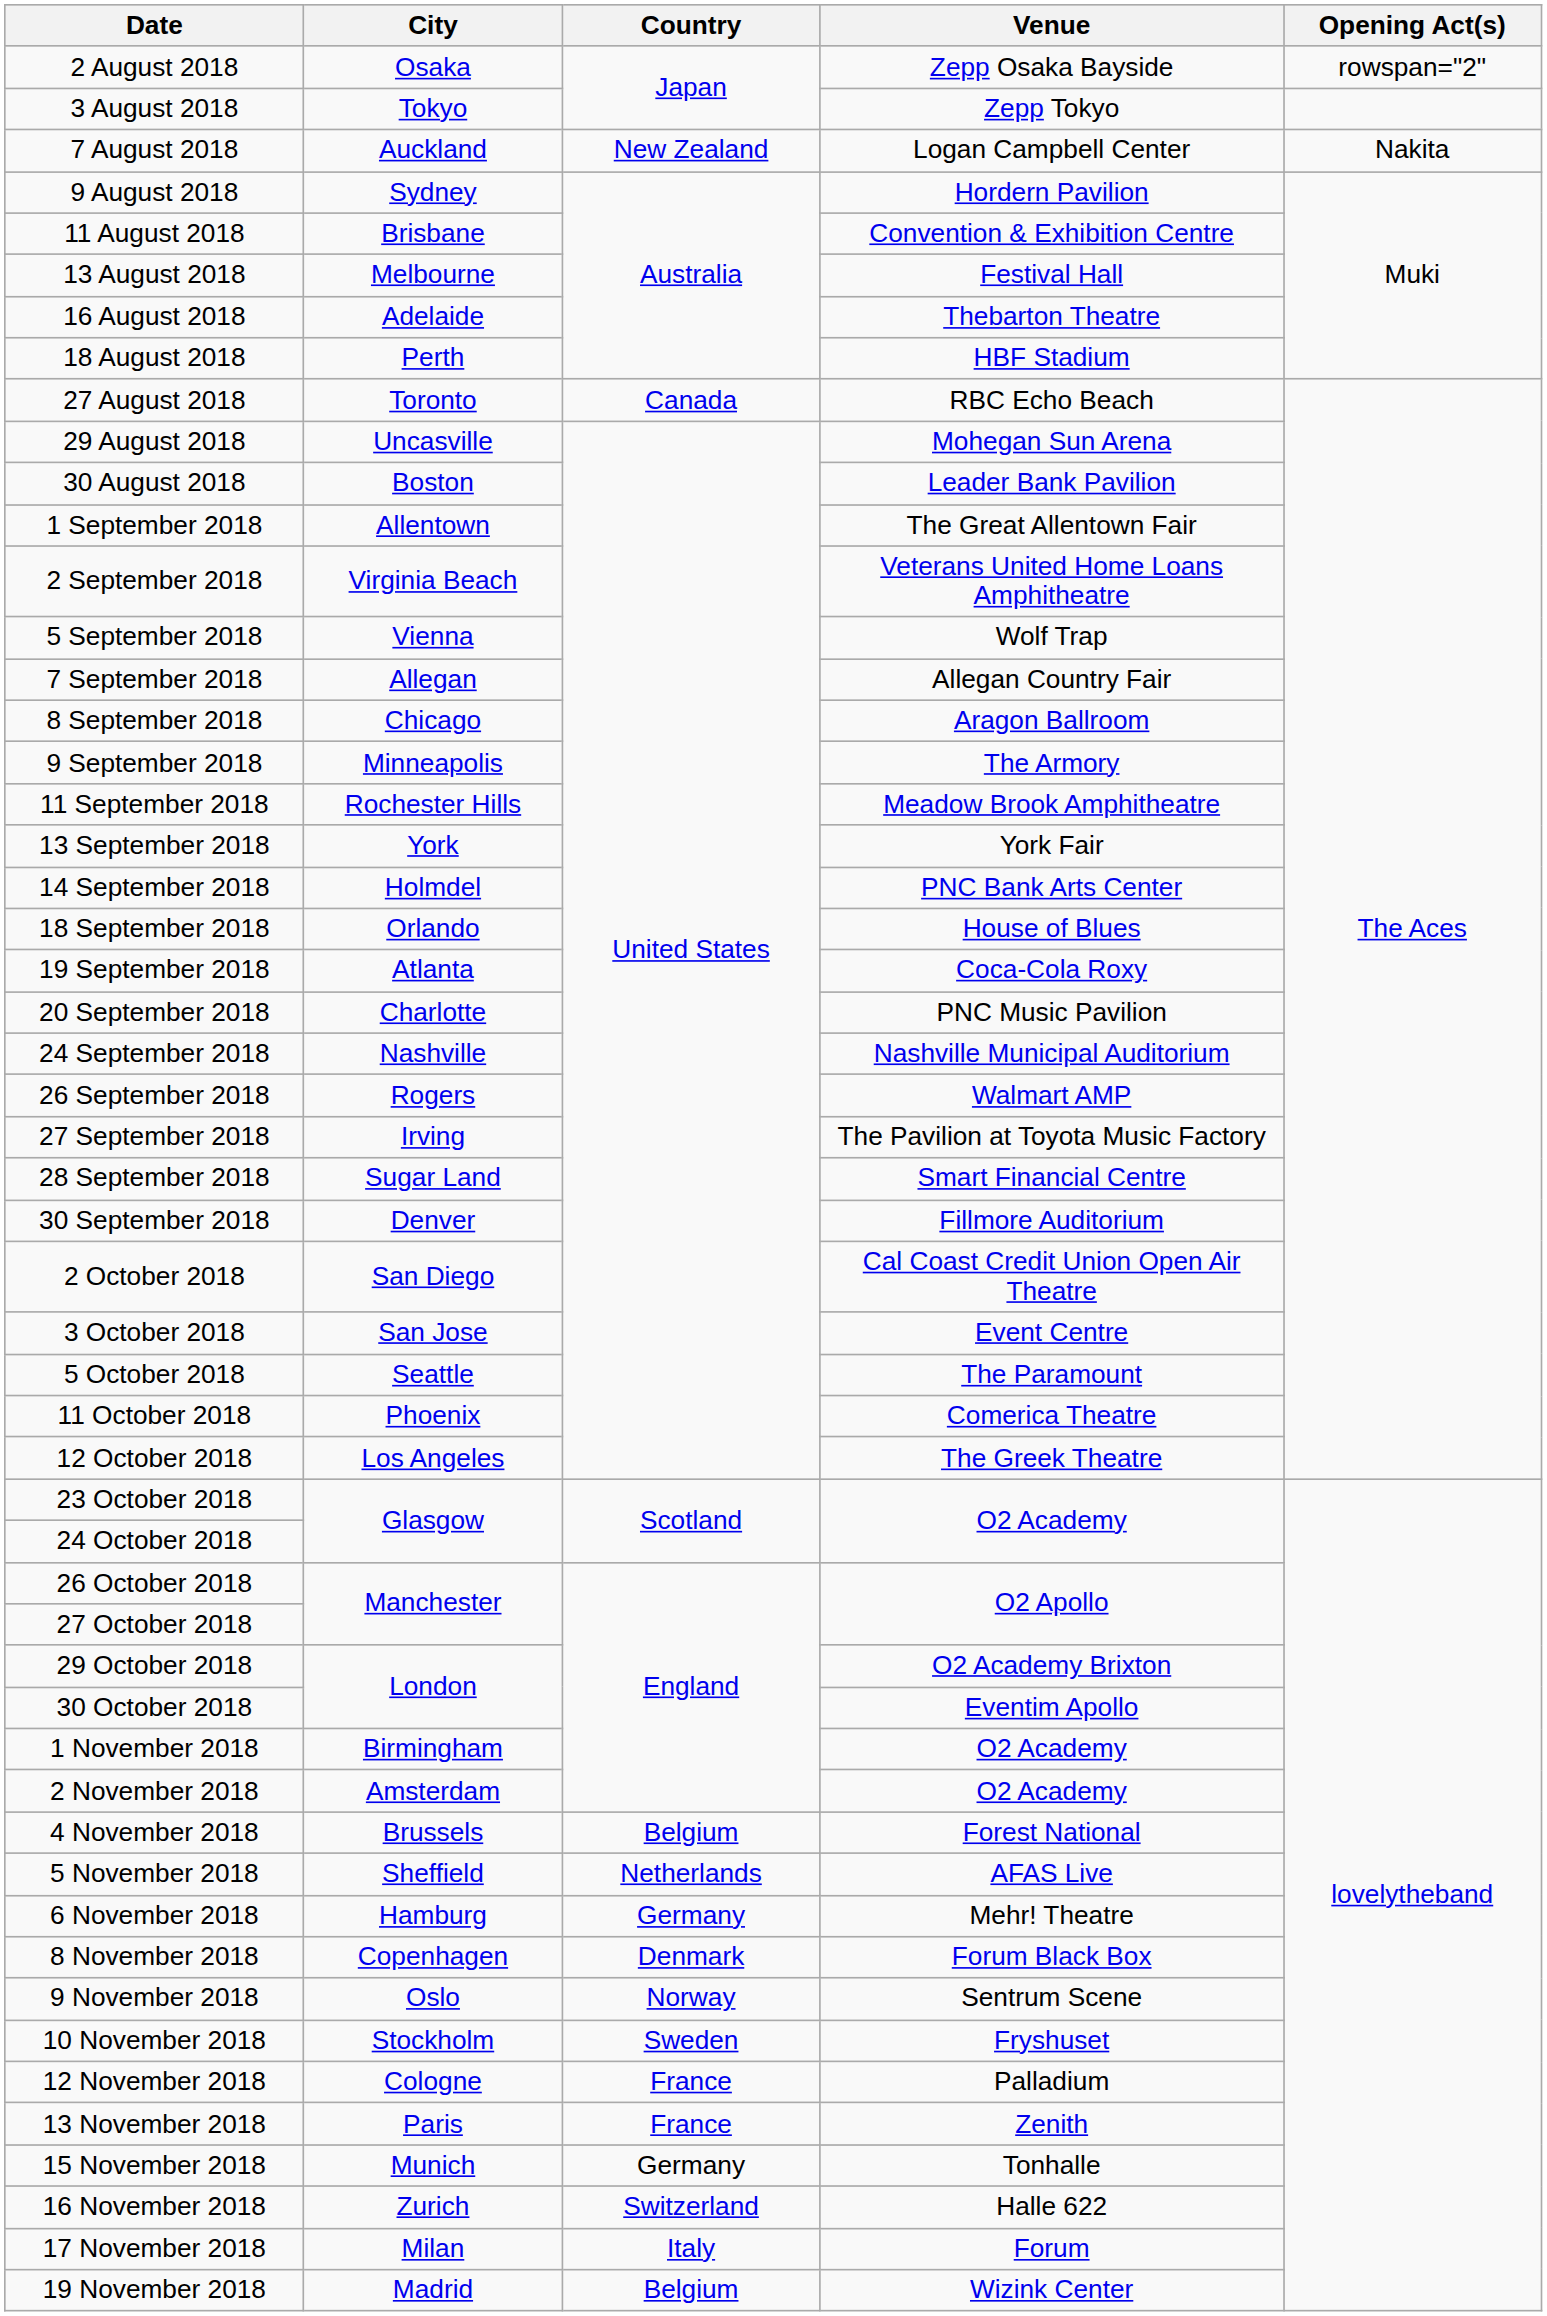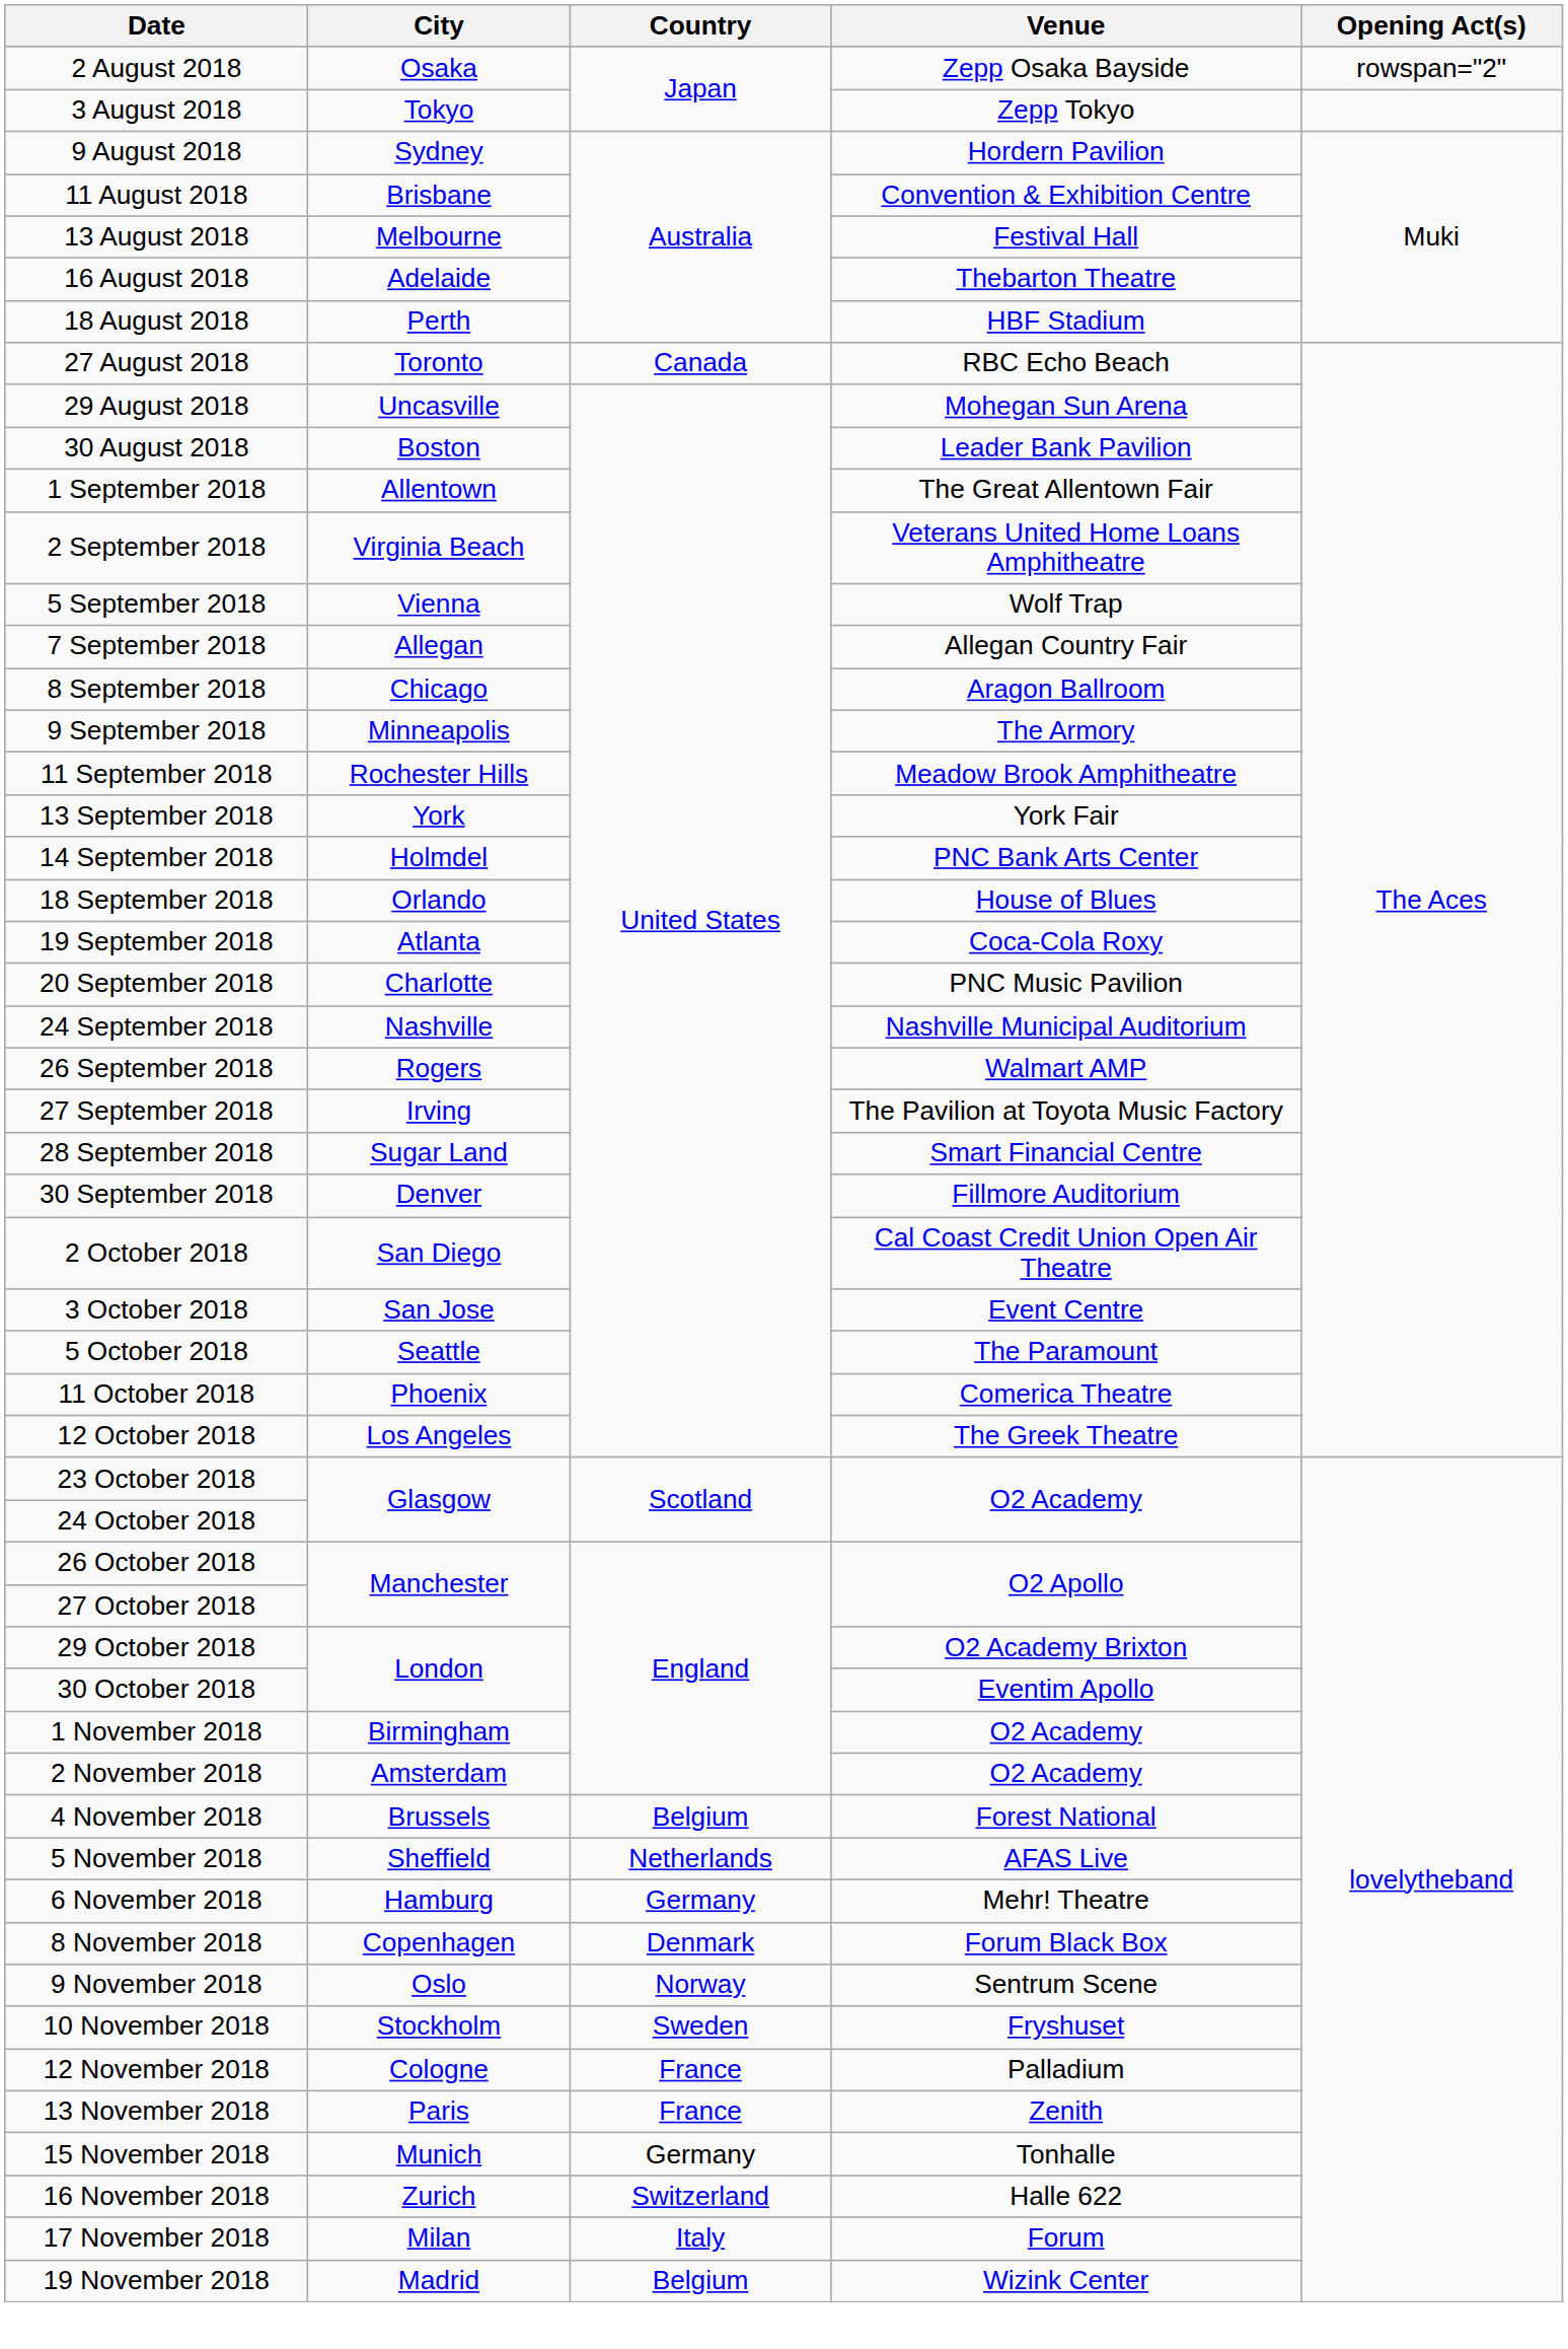 <table class="wikitable" style="text-align:center;">
 <tr>
 <th width="175">Date</th>
 <th width="150">City</th>
 <th width="150">Country</th>
 <th width="275">Venue</th>
 <th width="150">Opening Act(s)</th>
 </tr>
 <tr>
 <td>2 August 2018</td>
 <td><a href='#'>Osaka</a></td>
 <td rowspan="2"><a href='#'>Japan</a></td>
 <td><a href='#'>Zepp</a> Osaka Bayside</td>
 <td>rowspan="2" </td>
 </tr>
 <tr>
 <td>3 August 2018</td>
 <td><a href='#'>Tokyo</a></td>
 <td><a href='#'>Zepp</a> Tokyo</td>
-</tr>
-<tr>
-<td>7 August 2018</td>
-<td><a href='#'>Auckland</a></td>
-<td><a href='#'>New Zealand</a></td>
-<td>Logan Campbell Center</td>
-<td>Nakita</td>
 </tr>
 <tr>
 <td>9 August 2018</td>
 <td><a href='#'>Sydney</a></td>
 <td rowspan="5"><a href='#'>Australia</a></td>
 <td><a href='#'>Hordern Pavilion</a></td>
 <td rowspan="5">Muki</td>
 </tr>
 <tr>
 <td>11 August 2018</td>
 <td><a href='#'>Brisbane</a></td>
 <td><a href='#'>Convention & Exhibition Centre</a></td>
 </tr>
 <tr>
 <td>13 August 2018</td>
 <td><a href='#'>Melbourne</a></td>
 <td><a href='#'>Festival Hall</a></td>
 </tr>
 <tr>
 <td>16 August 2018</td>
 <td><a href='#'>Adelaide</a></td>
 <td><a href='#'>Thebarton Theatre</a></td>
 </tr>
 <tr>
 <td>18 August 2018</td>
 <td><a href='#'>Perth</a></td>
 <td><a href='#'>HBF Stadium</a></td>
 </tr>
 <tr>
 <td>27 August 2018</td>
 <td><a href='#'>Toronto</a></td>
 <td><a href='#'>Canada</a></td>
 <td>RBC Echo Beach</td>
 <td rowspan="25"><a href='#'>The Aces</a></td>
 </tr>
 <tr>
 <td>29 August 2018</td>
 <td><a href='#'>Uncasville</a></td>
 <td rowspan="24"><a href='#'>United States</a></td>
 <td><a href='#'>Mohegan Sun Arena</a></td>
 </tr>
 <tr>
 <td>30 August 2018</td>
 <td><a href='#'>Boston</a></td>
 <td><a href='#'>Leader Bank Pavilion</a></td>
 </tr>
 <tr>
 <td>1 September 2018</td>
 <td><a href='#'>Allentown</a></td>
 <td>The Great Allentown Fair</td>
 </tr>
 <tr>
 <td>2 September 2018</td>
 <td><a href='#'>Virginia Beach</a></td>
 <td><a href='#'>Veterans United Home Loans Amphitheatre</a></td>
 </tr>
 <tr>
 <td>5 September 2018</td>
 <td><a href='#'>Vienna</a></td>
 <td>Wolf Trap</td>
 </tr>
 <tr>
 <td>7 September 2018</td>
 <td><a href='#'>Allegan</a></td>
 <td>Allegan Country Fair</td>
 </tr>
 <tr>
 <td>8 September 2018</td>
 <td><a href='#'>Chicago</a></td>
 <td><a href='#'>Aragon Ballroom</a></td>
 </tr>
 <tr>
 <td>9 September 2018</td>
 <td><a href='#'>Minneapolis</a></td>
 <td><a href='#'>The Armory</a></td>
 </tr>
 <tr>
 <td>11 September 2018</td>
 <td><a href='#'>Rochester Hills</a></td>
 <td><a href='#'>Meadow Brook Amphitheatre</a></td>
 </tr>
 <tr>
 <td>13 September 2018</td>
 <td><a href='#'>York</a></td>
 <td>York Fair</td>
 </tr>
 <tr>
 <td>14 September 2018</td>
 <td><a href='#'>Holmdel</a></td>
 <td><a href='#'>PNC Bank Arts Center</a></td>
 </tr>
 <tr>
 <td>18 September 2018</td>
 <td><a href='#'>Orlando</a></td>
 <td><a href='#'>House of Blues</a></td>
 </tr>
 <tr>
 <td>19 September 2018</td>
 <td><a href='#'>Atlanta</a></td>
 <td><a href='#'>Coca-Cola Roxy</a></td>
 </tr>
 <tr>
 <td>20 September 2018</td>
 <td><a href='#'>Charlotte</a></td>
 <td>PNC Music Pavilion</td>
 </tr>
 <tr>
 <td>24 September 2018</td>
 <td><a href='#'>Nashville</a></td>
 <td><a href='#'>Nashville Municipal Auditorium</a></td>
 </tr>
 <tr>
 <td>26 September 2018</td>
 <td><a href='#'>Rogers</a></td>
 <td><a href='#'>Walmart AMP</a></td>
 </tr>
 <tr>
 <td>27 September 2018</td>
 <td><a href='#'>Irving</a></td>
 <td>The Pavilion at Toyota Music Factory</td>
 </tr>
 <tr>
 <td>28 September 2018</td>
 <td><a href='#'>Sugar Land</a></td>
 <td><a href='#'>Smart Financial Centre</a></td>
 </tr>
 <tr>
 <td>30 September 2018</td>
 <td><a href='#'>Denver</a></td>
 <td><a href='#'>Fillmore Auditorium</a></td>
 </tr>
 <tr>
 <td>2 October 2018</td>
 <td><a href='#'>San Diego</a></td>
 <td><a href='#'>Cal Coast Credit Union Open Air Theatre</a></td>
 </tr>
 <tr>
 <td>3 October 2018</td>
 <td><a href='#'>San Jose</a></td>
 <td><a href='#'>Event Centre</a></td>
 </tr>
 <tr>
 <td>5 October 2018</td>
 <td><a href='#'>Seattle</a></td>
 <td><a href='#'>The Paramount</a></td>
 </tr>
 <tr>
 <td>11 October 2018</td>
 <td><a href='#'>Phoenix</a></td>
 <td><a href='#'>Comerica Theatre</a></td>
 </tr>
 <tr>
 <td>12 October 2018</td>
 <td><a href='#'>Los Angeles</a></td>
 <td><a href='#'>The Greek Theatre</a></td>
 </tr>
 <tr>
 <td>23 October 2018</td>
 <td rowspan="2"><a href='#'>Glasgow</a></td>
 <td rowspan="2"><a href='#'>Scotland</a></td>
 <td rowspan="2"><a href='#'>O2 Academy</a></td>
 <td rowspan="20"><a href='#'>lovelytheband</a></td>
 </tr>
 <tr>
 <td>24 October 2018</td>
 </tr>
 <tr>
 <td>26 October 2018</td>
 <td rowspan="2"><a href='#'>Manchester</a></td>
 <td rowspan="6"><a href='#'>England</a></td>
 <td rowspan="2"><a href='#'>O2 Apollo</a></td>
 </tr>
 <tr>
 <td>27 October 2018</td>
 </tr>
 <tr>
 <td>29 October 2018</td>
 <td rowspan="2"><a href='#'>London</a></td>
 <td><a href='#'>O2 Academy Brixton</a></td>
 </tr>
 <tr>
 <td>30 October 2018</td>
 <td><a href='#'>Eventim Apollo</a></td>
 </tr>
 <tr>
 <td>1 November 2018</td>
 <td><a href='#'>Birmingham</a></td>
 <td><a href='#'>O2 Academy</a></td>
 </tr>
 <tr>
 <td>2 November 2018</td>
 <td><a href='#'>Amsterdam</a></td>
 <td><a href='#'>O2 Academy</a></td>
 </tr>
 <tr>
 <td>4 November 2018</td>
 <td><a href='#'>Brussels</a></td>
 <td><a href='#'>Belgium</a></td>
 <td><a href='#'>Forest National</a></td>
 </tr>
 <tr>
 <td>5 November 2018</td>
 <td><a href='#'>Sheffield</a></td>
 <td><a href='#'>Netherlands</a></td>
 <td><a href='#'>AFAS Live</a></td>
 </tr>
 <tr>
 <td>6 November 2018</td>
 <td><a href='#'>Hamburg</a></td>
 <td><a href='#'>Germany</a></td>
 <td>Mehr! Theatre</td>
 </tr>
 <tr>
 <td>8 November 2018</td>
 <td><a href='#'>Copenhagen</a></td>
 <td><a href='#'>Denmark</a></td>
 <td><a href='#'>Forum Black Box</a></td>
 </tr>
 <tr>
 <td>9 November 2018</td>
 <td><a href='#'>Oslo</a></td>
 <td><a href='#'>Norway</a></td>
 <td>Sentrum Scene</td>
 </tr>
 <tr>
 <td>10 November 2018</td>
 <td><a href='#'>Stockholm</a></td>
 <td><a href='#'>Sweden</a></td>
 <td><a href='#'>Fryshuset</a></td>
 </tr>
 <tr>
 <td>12 November 2018</td>
 <td><a href='#'>Cologne</a></td>
 <td><a href='#'>France</a></td>
 <td>Palladium</td>
 </tr>
 <tr>
 <td>13 November 2018</td>
 <td><a href='#'>Paris</a></td>
 <td><a href='#'>France</a></td>
 <td><a href='#'>Zenith</a></td>
 </tr>
 <tr>
 <td>15 November 2018</td>
 <td><a href='#'>Munich</a></td>
 <td>Germany</td>
 <td>Tonhalle</td>
 </tr>
 <tr>
 <td>16 November 2018</td>
 <td><a href='#'>Zurich</a></td>
 <td><a href='#'>Switzerland</a></td>
 <td>Halle 622</td>
 </tr>
 <tr>
 <td>17 November 2018</td>
 <td><a href='#'>Milan</a></td>
 <td><a href='#'>Italy</a></td>
 <td><a href='#'>Forum</a></td>
 </tr>
 <tr>
 <td>19 November 2018</td>
 <td><a href='#'>Madrid</a></td>
 <td><a href='#'>Belgium</a></td>
 <td><a href='#'>Wizink Center</a></td>
 </tr>
 </table>
